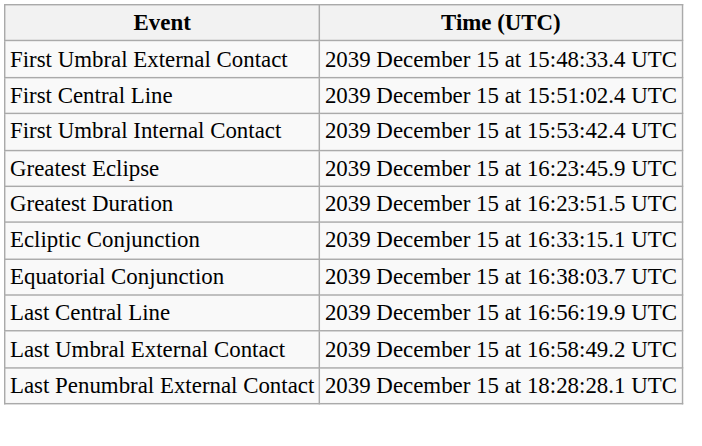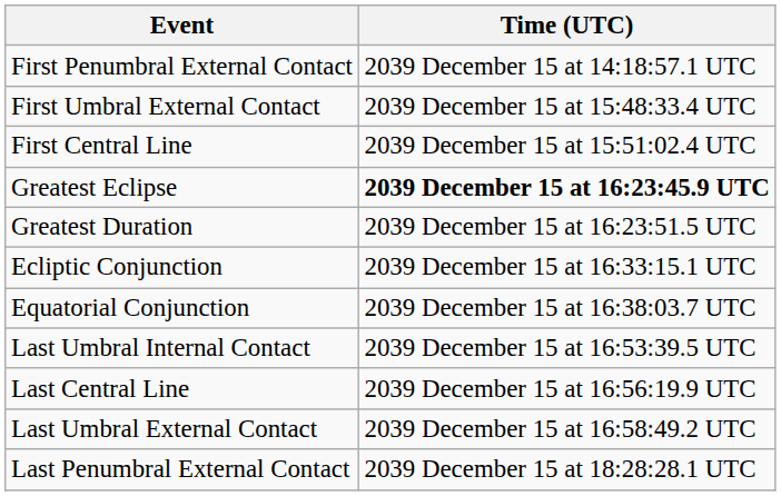 <table class="wikitable">
 <tr>
 <th>Event</th>
 <th>Time (UTC)</th>
+</tr>
+<tr>
+<td>First Penumbral External Contact</td>
+<td>2039 December 15 at 14:18:57.1 UTC</td>
 </tr>
 <tr>
 <td>First Umbral External Contact</td>
 <td>2039 December 15 at 15:48:33.4 UTC</td>
 </tr>
 <tr>
 <td>First Central Line</td>
 <td>2039 December 15 at 15:51:02.4 UTC</td>
 </tr>
 <tr>
-<td>First Umbral Internal Contact</td>
-<td>2039 December 15 at 15:53:42.4 UTC</td>
-</tr>
-<tr>
 <td>Greatest Eclipse</td>
-<td>2039 December 15 at 16:23:45.9 UTC</td>
+<td><strong>2039 December 15 at 16:23:45.9 UTC</strong></td>
 </tr>
 <tr>
 <td>Greatest Duration</td>
 <td>2039 December 15 at 16:23:51.5 UTC</td>
 </tr>
 <tr>
 <td>Ecliptic Conjunction</td>
 <td>2039 December 15 at 16:33:15.1 UTC</td>
 </tr>
 <tr>
 <td>Equatorial Conjunction</td>
 <td>2039 December 15 at 16:38:03.7 UTC</td>
 </tr>
 <tr>
+<td>Last Umbral Internal Contact</td>
+<td>2039 December 15 at 16:53:39.5 UTC</td>
+</tr>
+<tr>
 <td>Last Central Line</td>
 <td>2039 December 15 at 16:56:19.9 UTC</td>
 </tr>
 <tr>
 <td>Last Umbral External Contact</td>
 <td>2039 December 15 at 16:58:49.2 UTC</td>
 </tr>
 <tr>
 <td>Last Penumbral External Contact</td>
 <td>2039 December 15 at 18:28:28.1 UTC</td>
 </tr>
 </table>
